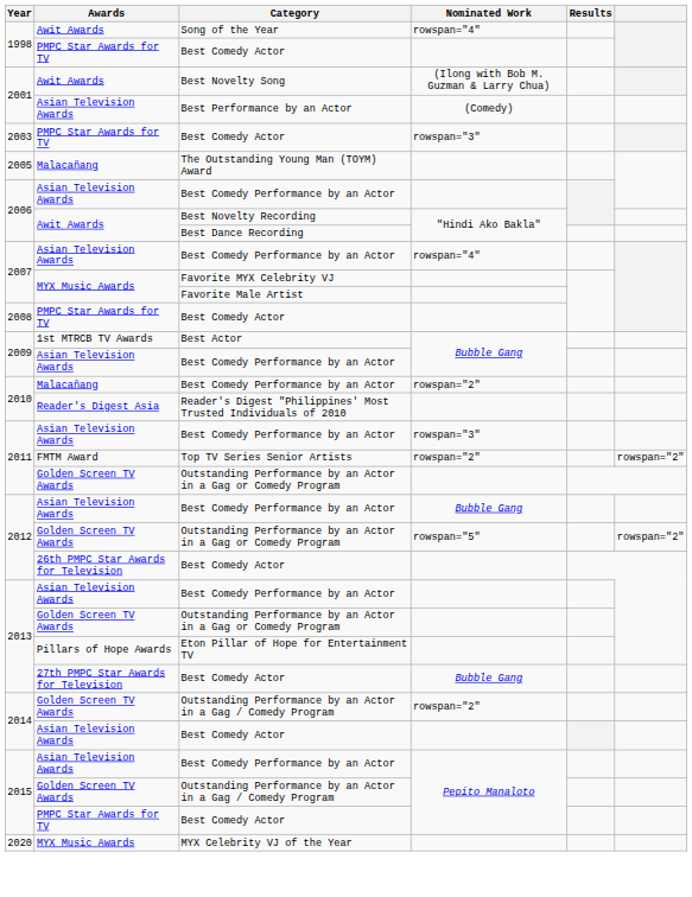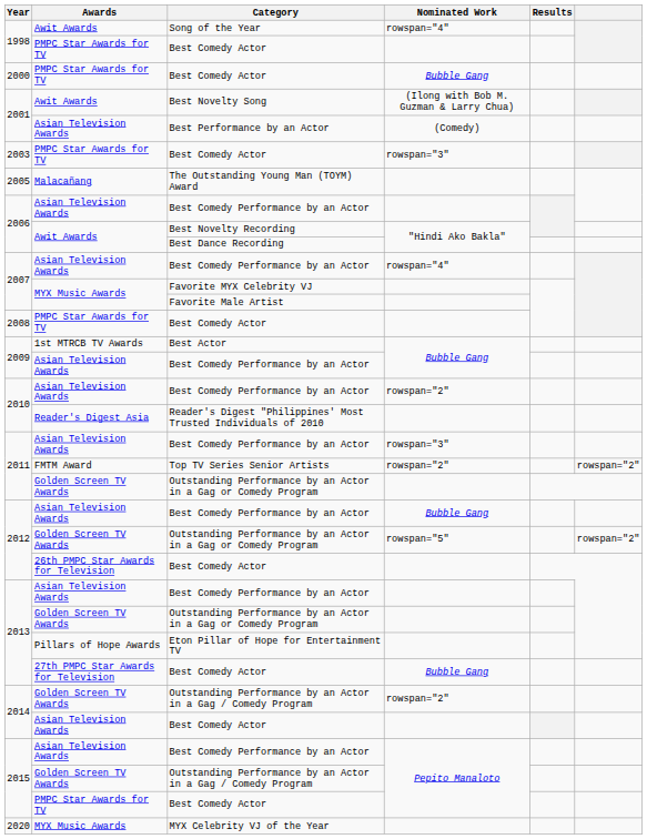 <table class="wikitable">
 <tr>
 <th>Year</th>
 <th>Awards</th>
 <th>Category</th>
 <th>Nominated Work</th>
 <th>Results</th>
 <th></th>
 </tr>
 <tr>
 <td rowspan=2>1998</td>
 <td><a href='#'>Awit Awards</a></td>
 <td>Song of the Year</td>
 <td>rowspan="4" </td>
 <td></td>
 <th rowspan="2"></th>
 </tr>
 <tr>
 <td><a href='#'>PMPC Star Awards for TV</a></td>
 <td>Best Comedy Actor</td>
+<td></td>
+<td></td>
+</tr>
+<tr>
+<td>2000</td>
+<td><a href='#'>PMPC Star Awards for TV</a></td>
+<td>Best Comedy Actor</td>
+<td align="center"><em><a href='#'>Bubble Gang</a></em></td>
 <td></td>
 <td></td>
 </tr>
 <tr>
 <td rowspan=2>2001</td>
 <td><a href='#'>Awit Awards</a></td>
 <td>Best Novelty Song</td>
 <td align="center">(Ilong with Bob M. Guzman & Larry Chua)</td>
 <td></td>
 <th></th>
 </tr>
 <tr>
 <td><a href='#'>Asian Television Awards</a></td>
 <td>Best Performance by an Actor</td>
 <td align="center">(Comedy)</td>
 <td></td>
 <td></td>
 </tr>
 <tr>
 <td>2003</td>
 <td><a href='#'>PMPC Star Awards for TV</a></td>
 <td>Best Comedy Actor</td>
 <td>rowspan="3" </td>
 <td></td>
 <th></th>
 </tr>
 <tr>
 <td>2005</td>
 <td><a href='#'>Malacañang</a></td>
 <td>The Outstanding Young Man (TOYM) Award</td>
 <td></td>
 <td></td>
 </tr>
 <tr>
 <td rowspan=3>2006</td>
 <td><a href='#'>Asian Television Awards</a></td>
 <td>Best Comedy Performance by an Actor</td>
 <td></td>
 <th rowspan="2"></th>
 </tr>
 <tr>
 <td rowspan=2><a href='#'>Awit Awards</a></td>
 <td>Best Novelty Recording</td>
 <td align="center" rowspan="2">"Hindi Ako Bakla"</td>
 <td></td>
 </tr>
 <tr>
 <td>Best Dance Recording</td>
 <td></td>
 <td></td>
 </tr>
 <tr>
 <td rowspan=3>2007</td>
 <td><a href='#'>Asian Television Awards</a></td>
 <td>Best Comedy Performance by an Actor</td>
 <td>rowspan="4" </td>
 <td></td>
 <th rowspan="4"></th>
 </tr>
 <tr>
 <td rowspan=2><a href='#'>MYX Music Awards</a></td>
 <td>Favorite MYX Celebrity VJ</td>
 <td></td>
 </tr>
 <tr>
 <td>Favorite Male Artist</td>
 <td></td>
 </tr>
 <tr>
 <td>2008</td>
 <td><a href='#'>PMPC Star Awards for TV</a></td>
 <td>Best Comedy Actor</td>
 <td></td>
 </tr>
 <tr>
 <td rowspan=2>2009</td>
 <td>1st MTRCB TV Awards</td>
 <td>Best Actor</td>
 <td align="center" rowspan="2"><em><a href='#'>Bubble Gang</a></em></td>
 <td></td>
 <td></td>
 </tr>
 <tr>
 <td><a href='#'>Asian Television Awards</a></td>
 <td>Best Comedy Performance by an Actor</td>
 <td></td>
 <td></td>
 </tr>
 <tr>
 <td rowspan=2>2010</td>
-<td><a href='#'>Malacañang</a></td>
+<td><a href='#'>Asian Television Awards</a></td>
 <td>Best Comedy Performance by an Actor</td>
 <td>rowspan="2" </td>
 <td></td>
 <td></td>
 </tr>
 <tr>
 <td><a href='#'>Reader's Digest Asia</a></td>
 <td>Reader's Digest "Philippines' Most Trusted Individuals of 2010 </td>
 <td></td>
 <td></td>
 </tr>
 <tr>
 <td rowspan=3>2011</td>
 <td><a href='#'>Asian Television Awards</a></td>
 <td>Best Comedy Performance by an Actor</td>
 <td>rowspan="3" </td>
 <td></td>
 <td></td>
 </tr>
 <tr>
 <td>FMTM Award</td>
 <td>Top TV Series Senior Artists</td>
 <td>rowspan="2" </td>
 <td></td>
 <td>rowspan="2" </td>
 </tr>
 <tr>
 <td><a href='#'>Golden Screen TV Awards</a></td>
 <td>Outstanding Performance by an Actor in a Gag or Comedy Program</td>
 <td></td>
 </tr>
 <tr>
 <td rowspan=3>2012</td>
 <td><a href='#'>Asian Television Awards</a></td>
 <td>Best Comedy Performance by an Actor</td>
 <td align="center"><em><a href='#'>Bubble Gang</a></em></td>
 <td></td>
 <td></td>
 </tr>
 <tr>
 <td><a href='#'>Golden Screen TV Awards</a></td>
 <td>Outstanding Performance by an Actor in a Gag or Comedy Program</td>
 <td>rowspan="5" </td>
 <td></td>
 <td>rowspan="2" </td>
 </tr>
 <tr>
 <td><a href='#'>26th PMPC Star Awards for Television</a></td>
 <td>Best Comedy Actor</td>
 <td></td>
 </tr>
 <tr>
 <td rowspan=4>2013</td>
 <td><a href='#'>Asian Television Awards</a></td>
 <td>Best Comedy Performance by an Actor</td>
 <td></td>
 <td></td>
 </tr>
 <tr>
 <td><a href='#'>Golden Screen TV Awards</a></td>
 <td>Outstanding Performance by an Actor in a Gag or Comedy Program</td>
 <td></td>
 <td></td>
 </tr>
 <tr>
 <td>Pillars of Hope Awards</td>
 <td>Eton Pillar of Hope for Entertainment TV</td>
 <td></td>
 <td></td>
 </tr>
 <tr>
 <td><a href='#'>27th PMPC Star Awards for Television</a></td>
 <td>Best Comedy Actor</td>
 <td align="center"><em><a href='#'>Bubble Gang</a></em></td>
 <td></td>
 <td></td>
 </tr>
 <tr>
 <td rowspan=2>2014</td>
 <td><a href='#'>Golden Screen TV Awards</a></td>
 <td>Outstanding Performance by an Actor in a Gag / Comedy Program</td>
 <td>rowspan="2" </td>
 <td></td>
 <td></td>
 </tr>
 <tr>
 <td><a href='#'>Asian Television Awards</a></td>
 <td>Best Comedy Actor</td>
 <td></td>
 <th></th>
 </tr>
 <tr>
 <td rowspan=3>2015</td>
 <td><a href='#'>Asian Television Awards</a></td>
 <td>Best Comedy Performance by an Actor</td>
 <td align="center" rowspan="3"><em><a href='#'>Pepito Manaloto</a></em></td>
 <td></td>
 <td></td>
 </tr>
 <tr>
 <td><a href='#'>Golden Screen TV Awards</a></td>
 <td>Outstanding Performance by an Actor in a Gag / Comedy Program</td>
 <td></td>
 <td></td>
 </tr>
 <tr>
 <td><a href='#'>PMPC Star Awards for TV</a></td>
 <td>Best Comedy Actor</td>
 <td></td>
 <td></td>
 </tr>
 <tr>
 <td>2020</td>
 <td><a href='#'>MYX Music Awards</a></td>
 <td>MYX Celebrity VJ of the Year</td>
 <td></td>
 <td></td>
 <td></td>
 </tr>
 </table>
